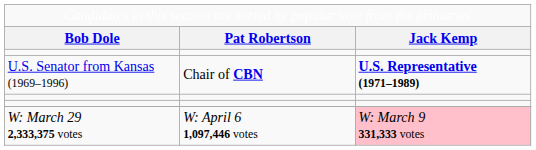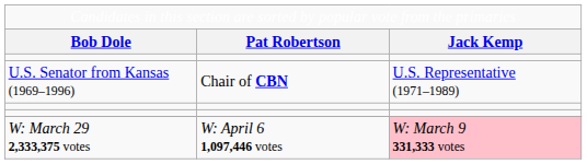 <table class="wikitable mw-collapsible mw-collapsed">
 <tr>
 <td colspan="7" style="text-align:center; color:white; background:"><em>Candidates in this section are sorted by popular vote from the primaries</em></td>
 </tr>
 <tr>
 <th scope="col" style="width:12em;"><a href='#'>Bob Dole</a></th>
 <th scope="col" style="width:12em;"><a href='#'>Pat Robertson</a></th>
 <th scope="col" style="width:12em;"><a href='#'>Jack Kemp</a></th>
 </tr>
 <tr>
 <td></td>
 <td></td>
 <td></td>
 </tr>
 <tr>
 <td><a href='#'>U.S. Senator from Kansas</a><br><small>(1969–1996)</small></td>
 <td>Chair of <strong><a href='#'>CBN</a></strong></td>
-<td><strong><a href='#'>U.S. Representative</a><br><small>(1971–1989)</small></strong></td>
+<td><a href='#'>U.S. Representative</a><br><small>(1971–1989)</small></td>
 </tr>
 <tr>
 <td></td>
 <td></td>
 <td></td>
 </tr>
 <tr>
 <td></td>
 <td></td>
 <td></td>
 </tr>
 <tr style="tex-align:center">
 </tr>
 <tr>
 <td><em>W: March 29</em><br><small><strong>2,333,375</strong> votes</small></td>
 <td><em>W: April 6</em><br><small><strong>1,097,446</strong> votes</small></td>
 <td style="background: pink;"><em>W: March 9</em><br><small><strong>331,333</strong> votes</small></td>
 </tr>
 </table>
